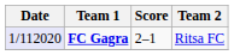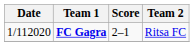 <table class="wikitable">
 <tr>
 <th>Date</th>
 <th>Team 1</th>
 <th>Score</th>
 <th>Team 2</th>
 </tr>
 <tr>
-<td style="background: lavender;">1/112020</td>
+<td>1/112020</td>
 <td><strong><a href='#'>FC Gagra</a></strong></td>
 <td>2–1</td>
 <td><a href='#'>Ritsa FC</a></td>
 </tr>
 <tr>
 </tr>
 </table>
